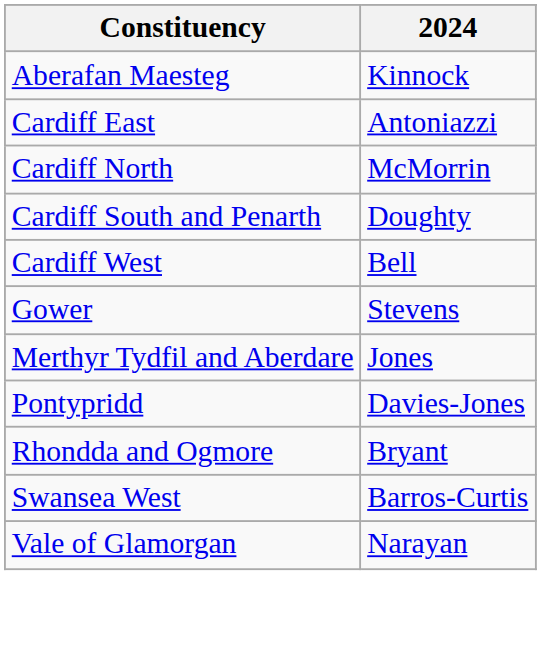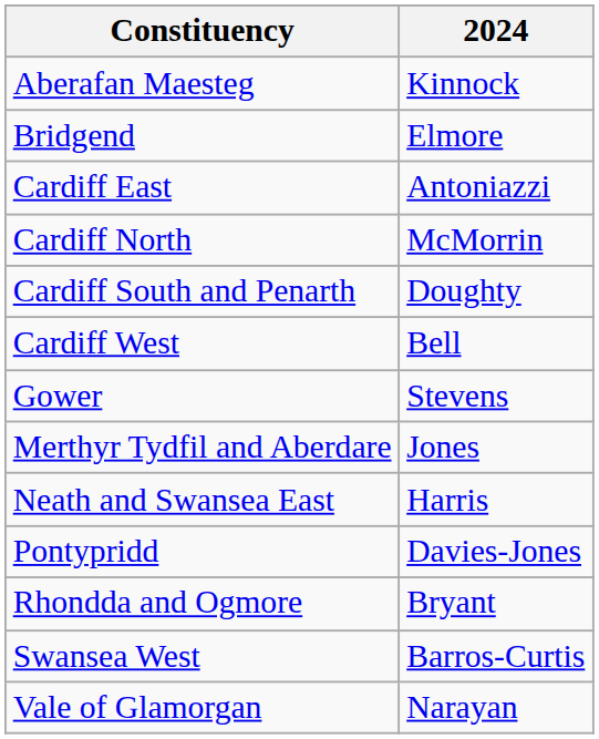 <table class="wikitable">
 <tr>
 <th>Constituency</th>
 <th>2024</th>
 </tr>
 <tr>
 <td><a href='#'>Aberafan Maesteg</a></td>
 <td><a href='#'>Kinnock</a></td>
+</tr>
+<tr>
+<td><a href='#'>Bridgend</a></td>
+<td><a href='#'>Elmore</a></td>
 </tr>
 <tr>
 <td><a href='#'>Cardiff East</a></td>
 <td><a href='#'>Antoniazzi</a></td>
 </tr>
 <tr>
 <td><a href='#'>Cardiff North</a></td>
 <td><a href='#'>McMorrin</a></td>
 </tr>
 <tr>
 <td><a href='#'>Cardiff South and Penarth</a></td>
 <td><a href='#'>Doughty</a></td>
 </tr>
 <tr>
 <td><a href='#'>Cardiff West</a></td>
 <td><a href='#'>Bell</a></td>
 </tr>
 <tr>
 <td><a href='#'>Gower</a></td>
 <td><a href='#'>Stevens</a></td>
 </tr>
 <tr>
 <td><a href='#'>Merthyr Tydfil and Aberdare</a></td>
 <td><a href='#'>Jones</a></td>
 </tr>
 <tr>
+<td><a href='#'>Neath and Swansea East</a></td>
+<td><a href='#'>Harris</a></td>
+</tr>
+<tr>
 <td><a href='#'>Pontypridd</a></td>
 <td><a href='#'>Davies-Jones</a></td>
 </tr>
 <tr>
 <td><a href='#'>Rhondda and Ogmore</a></td>
 <td><a href='#'>Bryant</a></td>
 </tr>
 <tr>
 <td><a href='#'>Swansea West</a></td>
 <td><a href='#'>Barros-Curtis</a></td>
 </tr>
 <tr>
 <td><a href='#'>Vale of Glamorgan</a></td>
 <td><a href='#'>Narayan</a></td>
 </tr>
 </table>
